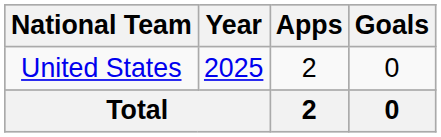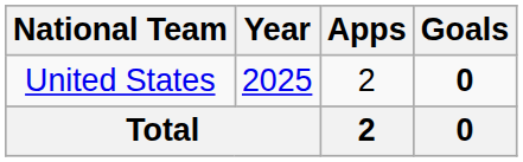 <table class="wikitable" style="text-align:center">
 <tr>
 <th>National Team</th>
 <th>Year</th>
 <th>Apps</th>
 <th>Goals</th>
 </tr>
 <tr>
 <td><a href='#'>United States</a></td>
 <td><a href='#'>2025</a></td>
 <td>2</td>
-<td>0</td>
+<td><strong>0</strong></td>
 </tr>
 <tr>
 <th colspan=2>Total</th>
 <th>2</th>
 <th>0</th>
 </tr>
 </table>
